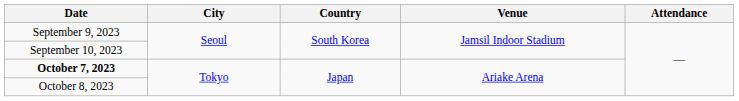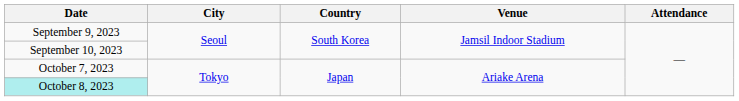 <table class="wikitable" style="text-align:center;">
 <tr>
 <th scope="col" style="width:12em;">Date</th>
 <th scope="col" style="width:11em;">City</th>
 <th scope="col" style="width:10em;">Country</th>
 <th scope="col" style="width:19em;">Venue</th>
 <th scope="col" style="width:9em;">Attendance</th>
 </tr>
 <tr>
 <td>September 9, 2023</td>
 <td rowspan="2"><a href='#'>Seoul</a></td>
 <td rowspan="2"><a href='#'>South Korea</a></td>
 <td rowspan="2"><a href='#'>Jamsil Indoor Stadium</a></td>
 <td rowspan="4">—</td>
 </tr>
 <tr>
 <td>September 10, 2023</td>
 </tr>
 <tr>
-<td><strong>October 7, 2023</strong></td>
+<td>October 7, 2023</td>
 <td rowspan="2"><a href='#'>Tokyo</a></td>
 <td rowspan="2"><a href='#'>Japan</a></td>
 <td rowspan="2"><a href='#'>Ariake Arena</a></td>
 </tr>
 <tr>
-<td>October 8, 2023</td>
+<td style="background: paleturquoise;">October 8, 2023</td>
 </tr>
 </table>
